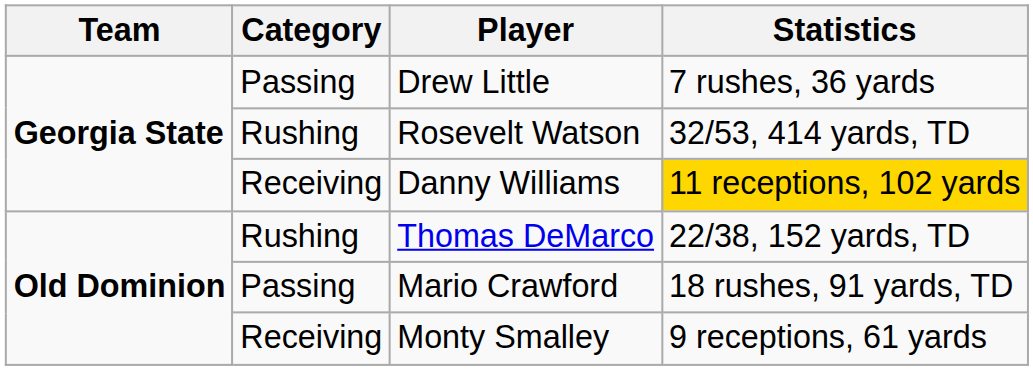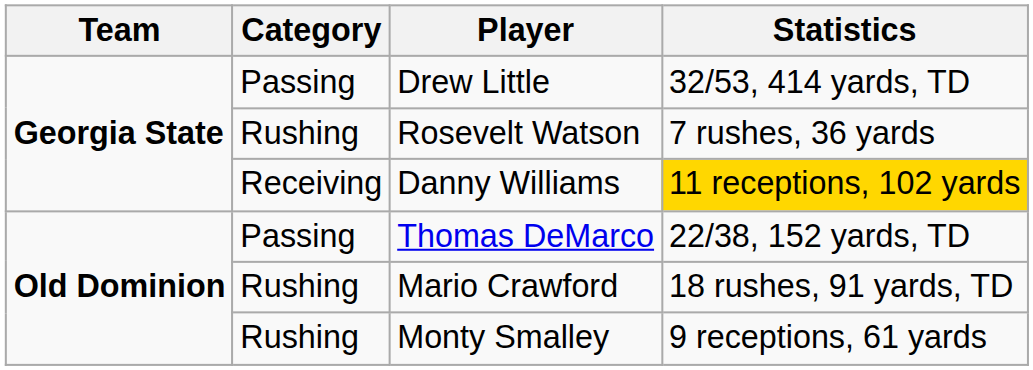 <table class="wikitable" style="float: right;">
 <tr>
 <th>Team</th>
 <th>Category</th>
 <th>Player</th>
 <th>Statistics</th>
 </tr>
 <tr>
 <td rowspan=3><strong>Georgia State</strong></td>
 <td>Passing</td>
 <td>Drew Little</td>
-<td>7 rushes, 36 yards</td>
+<td>32/53, 414 yards, TD</td>
 </tr>
 <tr>
 <td>Rushing</td>
 <td>Rosevelt Watson</td>
-<td>32/53, 414 yards, TD</td>
+<td>7 rushes, 36 yards</td>
 </tr>
 <tr>
 <td>Receiving</td>
 <td>Danny Williams</td>
 <td style="background: gold;">11 receptions, 102 yards</td>
 </tr>
 <tr>
 <td rowspan=3><strong>Old Dominion</strong></td>
-<td>Rushing</td>
+<td>Passing</td>
 <td><a href='#'>Thomas DeMarco</a></td>
 <td>22/38, 152 yards, TD</td>
 </tr>
 <tr>
-<td>Passing</td>
+<td>Rushing</td>
 <td>Mario Crawford</td>
 <td>18 rushes, 91 yards, TD</td>
 </tr>
 <tr>
-<td>Receiving</td>
+<td>Rushing</td>
 <td>Monty Smalley</td>
 <td>9 receptions, 61 yards</td>
 </tr>
 </table>
